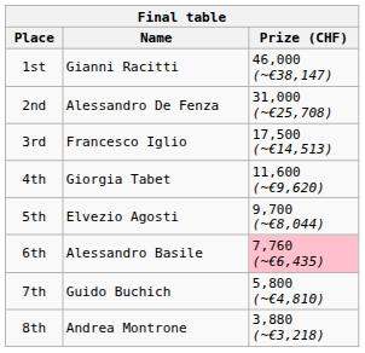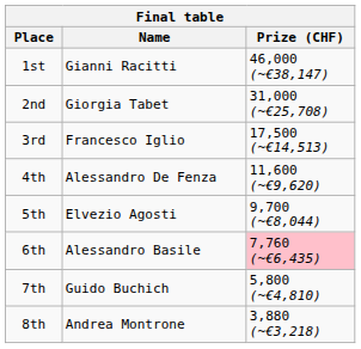 <table class="wikitable">
 <tr>
 <th colspan="3">Final table</th>
 </tr>
 <tr>
 <th style="width:50px;">Place</th>
 <th style="width:175px;">Name</th>
 <th style="width:100px;">Prize (CHF)</th>
 </tr>
 <tr>
 <td style="text-align:center;">1st</td>
 <td> Gianni Racitti</td>
 <td>46,000<br><em>(~€38,147)</em></td>
 </tr>
 <tr>
 <td style="text-align:center;">2nd</td>
-<td> Alessandro De Fenza</td>
+<td> Giorgia Tabet</td>
 <td>31,000<br><em>(~€25,708)</em></td>
 </tr>
 <tr>
 <td style="text-align:center;">3rd</td>
 <td> Francesco Iglio</td>
 <td>17,500<br><em>(~€14,513)</em></td>
 </tr>
 <tr>
 <td style="text-align:center;">4th</td>
-<td> Giorgia Tabet</td>
+<td> Alessandro De Fenza</td>
 <td>11,600<br><em>(~€9,620)</em></td>
 </tr>
 <tr>
 <td style="text-align:center;">5th</td>
 <td> Elvezio Agosti</td>
 <td>9,700<br><em>(~€8,044)</em></td>
 </tr>
 <tr>
 <td style="text-align:center;">6th</td>
 <td> Alessandro Basile</td>
 <td style="background: pink;">7,760<br><em>(~€6,435)</em></td>
 </tr>
 <tr>
 <td style="text-align:center;">7th</td>
 <td> Guido Buchich</td>
 <td>5,800<br><em>(~€4,810)</em></td>
 </tr>
 <tr>
 <td style="text-align:center;">8th</td>
 <td> Andrea Montrone</td>
 <td>3,880<br><em>(~€3,218)</em></td>
 </tr>
 </table>
